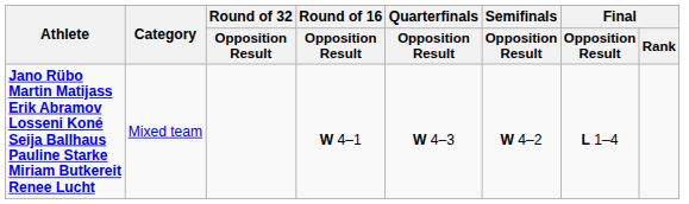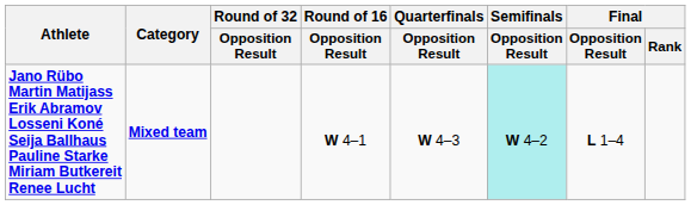 <table class="wikitable" style="text-align:center; font-size:90%">
 <tr>
 <th rowspan=2>Athlete</th>
 <th rowspan=2>Category</th>
 <th>Round of 32</th>
 <th>Round of 16</th>
 <th>Quarterfinals</th>
 <th>Semifinals</th>
 <th colspan=2>Final</th>
 </tr>
 <tr style="font-size:95%">
 <th>Opposition<br>Result</th>
 <th>Opposition<br>Result</th>
 <th>Opposition<br>Result</th>
 <th>Opposition<br>Result</th>
 <th>Opposition<br>Result</th>
 <th>Rank</th>
 </tr>
 <tr>
 <td align=left><strong><a href='#'>Jano Rübo</a><br><a href='#'>Martin Matijass</a><br><a href='#'>Erik Abramov</a><br><a href='#'>Losseni Koné</a><br><a href='#'>Seija Ballhaus</a><br><a href='#'>Pauline Starke</a><br><a href='#'>Miriam Butkereit</a><br><a href='#'>Renee Lucht</a></strong></td>
-<td align=left><a href='#'>Mixed team</a></td>
+<td align=left><strong><a href='#'>Mixed team</a></strong></td>
 <td></td>
 <td><br><strong>W</strong> 4–1</td>
 <td><br><strong>W</strong> 4–3</td>
-<td><br><strong>W</strong> 4–2</td>
+<td style="background: paleturquoise;"><br><strong>W</strong> 4–2</td>
 <td><br><strong>L</strong> 1–4</td>
 <td></td>
 </tr>
 </table>
